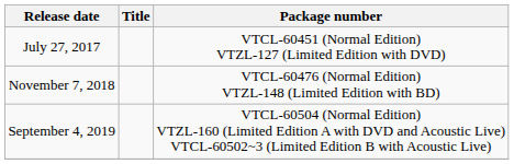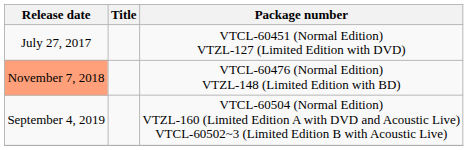 <table class="wikitable" style="text-align: center;">
 <tr>
 <th>Release date</th>
 <th>Title</th>
 <th>Package number</th>
 </tr>
 <tr>
 <td>July 27, 2017</td>
 <td></td>
 <td>VTCL-60451 (Normal Edition)<br>VTZL-127 (Limited Edition with DVD)</td>
 </tr>
 <tr>
-<td>November 7, 2018</td>
+<td style="background: lightsalmon;">November 7, 2018</td>
 <td></td>
 <td>VTCL-60476 (Normal Edition)<br>VTZL-148 (Limited Edition with BD)</td>
 </tr>
 <tr>
 <td>September 4, 2019</td>
 <td></td>
 <td>VTCL-60504 (Normal Edition)<br>VTZL-160 (Limited Edition A with DVD and Acoustic Live)<br>VTCL-60502~3 (Limited Edition B with Acoustic Live)</td>
 </tr>
 <tr>
 </tr>
 </table>
